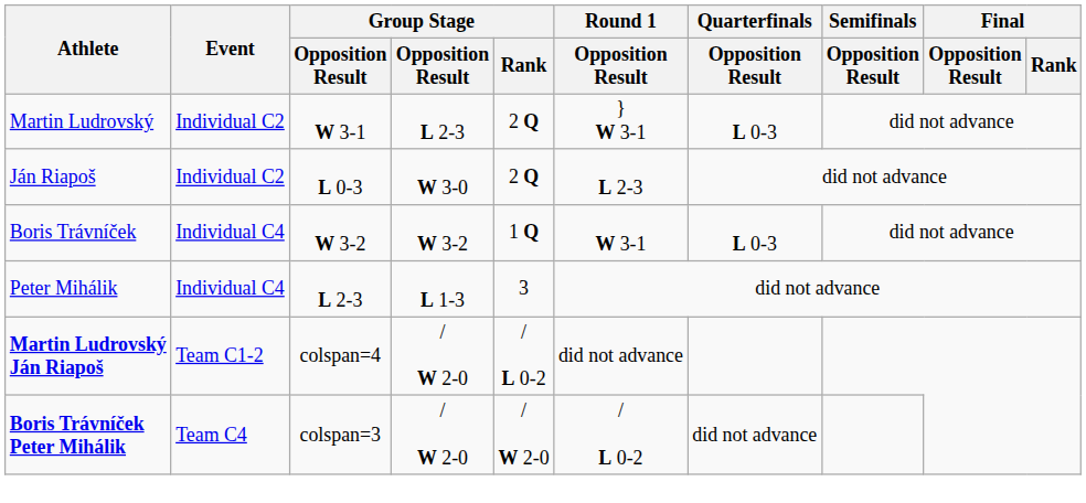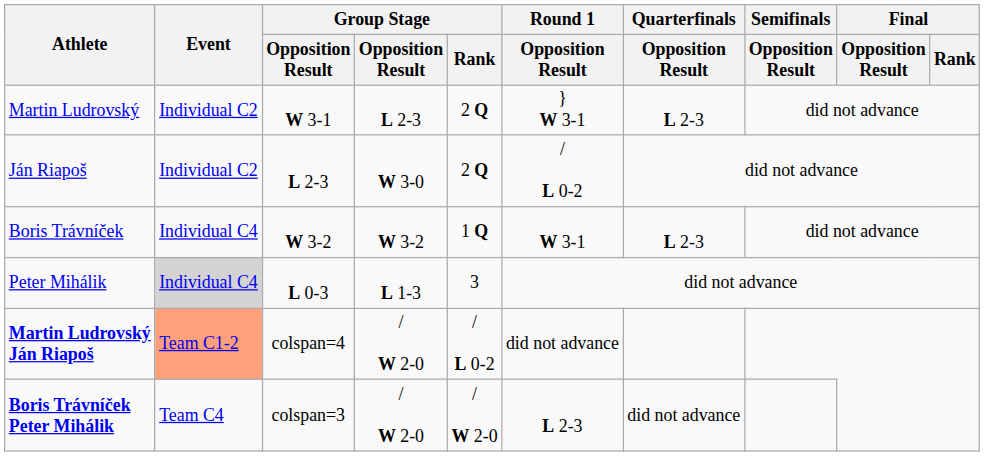 <table class=wikitable style="font-size:90%">
 <tr>
 <th rowspan="2">Athlete</th>
 <th rowspan="2">Event</th>
 <th colspan="3">Group Stage</th>
 <th>Round 1</th>
 <th>Quarterfinals</th>
 <th>Semifinals</th>
 <th colspan="2">Final</th>
 </tr>
 <tr>
 <th>Opposition<br>Result</th>
 <th>Opposition<br>Result</th>
 <th>Rank</th>
 <th>Opposition<br>Result</th>
 <th>Opposition<br>Result</th>
 <th>Opposition<br>Result</th>
 <th>Opposition<br>Result</th>
 <th>Rank</th>
 </tr>
 <tr align=center>
 <td align=left><a href='#'>Martin Ludrovský</a></td>
 <td align=left><a href='#'>Individual C2</a></td>
 <td><br> <strong>W</strong> 3-1</td>
 <td><br> <strong>L</strong> 2-3</td>
 <td>2 <strong>Q</strong></td>
 <td>}<br> <strong>W</strong> 3-1</td>
-<td><br> <strong>L</strong> 0-3</td>
+<td><br> <strong>L</strong> 2-3</td>
 <td colspan=5>did not advance</td>
 </tr>
 <tr align=center>
 <td align=left><a href='#'>Ján Riapoš</a></td>
 <td align=left><a href='#'>Individual C2</a></td>
-<td><br> <strong>L</strong> 0-3</td>
+<td><br> <strong>L</strong> 2-3</td>
 <td><br> <strong>W</strong> 3-0</td>
 <td>2 <strong>Q</strong></td>
-<td><br> <strong>L</strong> 2-3</td>
+<td>/<br><br><strong>L</strong> 0-2</td>
 <td colspan=5>did not advance</td>
 </tr>
 <tr align=center>
 <td align=left><a href='#'>Boris Trávníček</a></td>
 <td align=left><a href='#'>Individual C4</a></td>
 <td><br> <strong>W</strong> 3-2</td>
 <td><br> <strong>W</strong> 3-2</td>
 <td>1 <strong>Q</strong></td>
 <td><br> <strong>W</strong> 3-1</td>
-<td><br> <strong>L</strong> 0-3</td>
+<td><br> <strong>L</strong> 2-3</td>
 <td colspan=5>did not advance</td>
 </tr>
 <tr align=center>
 <td align=left><a href='#'>Peter Mihálik</a></td>
-<td align=left><a href='#'>Individual C4</a></td>
-<td><br> <strong>L</strong> 2-3</td>
+<td align=left style="background: lightgrey;"><a href='#'>Individual C4</a></td>
+<td><br> <strong>L</strong> 0-3</td>
 <td><br> <strong>L</strong> 1-3</td>
 <td>3</td>
 <td colspan=5>did not advance</td>
 </tr>
 <tr align=center>
 <td align=left><strong><a href='#'>Martin Ludrovský</a><br><a href='#'>Ján Riapoš</a></strong></td>
-<td align=left><a href='#'>Team C1-2</a></td>
+<td align=left style="background: lightsalmon;"><a href='#'>Team C1-2</a></td>
 <td>colspan=4 </td>
 <td>/<br><br> <strong>W</strong> 2-0</td>
 <td>/<br><br> <strong>L</strong> 0-2</td>
 <td colspan=1>did not advance</td>
 <td></td>
 </tr>
 <tr align=center>
 <td align=left><strong><a href='#'>Boris Trávníček</a><br><a href='#'>Peter Mihálik</a></strong></td>
 <td align=left><a href='#'>Team C4</a></td>
 <td>colspan=3 </td>
 <td>/<br><br> <strong>W</strong> 2-0</td>
 <td>/<br><br> <strong>W</strong> 2-0</td>
-<td>/<br><br><strong>L</strong> 0-2</td>
+<td><br> <strong>L</strong> 2-3</td>
 <td colspan=1>did not advance</td>
 <td></td>
 </tr>
 </table>
